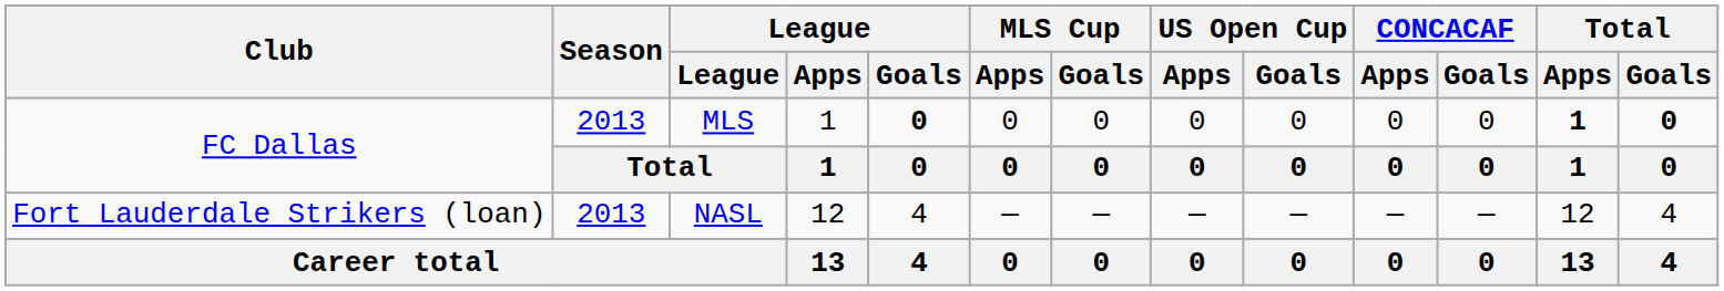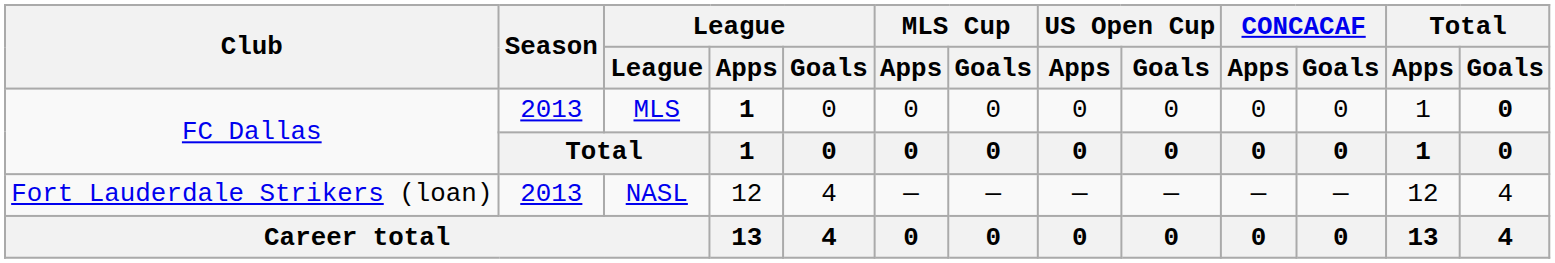 <table class="wikitable" style="text-align: center;">
 <tr>
 <th rowspan="2">Club</th>
 <th rowspan="2">Season</th>
 <th colspan="3">League</th>
 <th colspan="2">MLS Cup</th>
 <th colspan="2">US Open Cup</th>
 <th colspan="2"><a href='#'>CONCACAF</a></th>
 <th colspan="2">Total</th>
 </tr>
 <tr>
 <th>League</th>
 <th>Apps</th>
 <th>Goals</th>
 <th>Apps</th>
 <th>Goals</th>
 <th>Apps</th>
 <th>Goals</th>
 <th>Apps</th>
 <th>Goals</th>
 <th>Apps</th>
 <th>Goals</th>
 </tr>
 <tr>
 <td rowspan="2"><a href='#'>FC Dallas</a></td>
 <td><a href='#'>2013</a></td>
 <td><a href='#'>MLS</a></td>
-<td>1</td>
-<td><strong>0</strong></td>
+<td><strong>1</strong></td>
 <td>0</td>
 <td>0</td>
 <td>0</td>
 <td>0</td>
 <td>0</td>
 <td>0</td>
-<td><strong>1</strong></td>
+<td>0</td>
+<td>1</td>
 <td><strong>0</strong></td>
 </tr>
 <tr>
 <th colspan="2">Total</th>
 <th>1</th>
 <th>0</th>
 <th>0</th>
 <th>0</th>
 <th>0</th>
 <th>0</th>
 <th>0</th>
 <th>0</th>
 <th>1</th>
 <th>0</th>
 </tr>
 <tr>
 <td rowspan="1"><a href='#'>Fort Lauderdale Strikers</a> (loan)</td>
 <td><a href='#'>2013</a></td>
 <td><a href='#'>NASL</a></td>
 <td>12</td>
 <td>4</td>
 <td>—</td>
 <td>—</td>
 <td>—</td>
 <td>—</td>
 <td>—</td>
 <td>—</td>
 <td>12</td>
 <td>4</td>
 </tr>
 <tr>
 <th colspan="3">Career total</th>
 <th>13</th>
 <th>4</th>
 <th>0</th>
 <th>0</th>
 <th>0</th>
 <th>0</th>
 <th>0</th>
 <th>0</th>
 <th>13</th>
 <th>4</th>
 </tr>
 </table>
